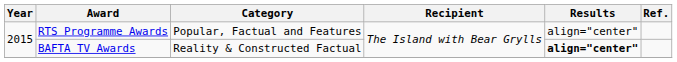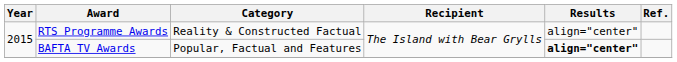 <table class="wikitable">
 <tr>
 <th>Year</th>
 <th>Award</th>
 <th>Category</th>
 <th>Recipient</th>
 <th>Results</th>
 <th>Ref.</th>
 </tr>
 <tr>
 <td rowspan="2">2015</td>
 <td><a href='#'>RTS Programme Awards</a></td>
-<td>Popular, Factual and Features</td>
+<td>Reality & Constructed Factual</td>
 <td rowspan="2"><em>The Island with Bear Grylls</em></td>
 <td>align="center" </td>
 <td align="center"></td>
 </tr>
 <tr>
 <td><a href='#'>BAFTA TV Awards</a></td>
-<td>Reality & Constructed Factual</td>
+<td>Popular, Factual and Features</td>
 <td><strong>align="center" </strong></td>
 <td align="center"></td>
 </tr>
 <tr>
 </tr>
 </table>
